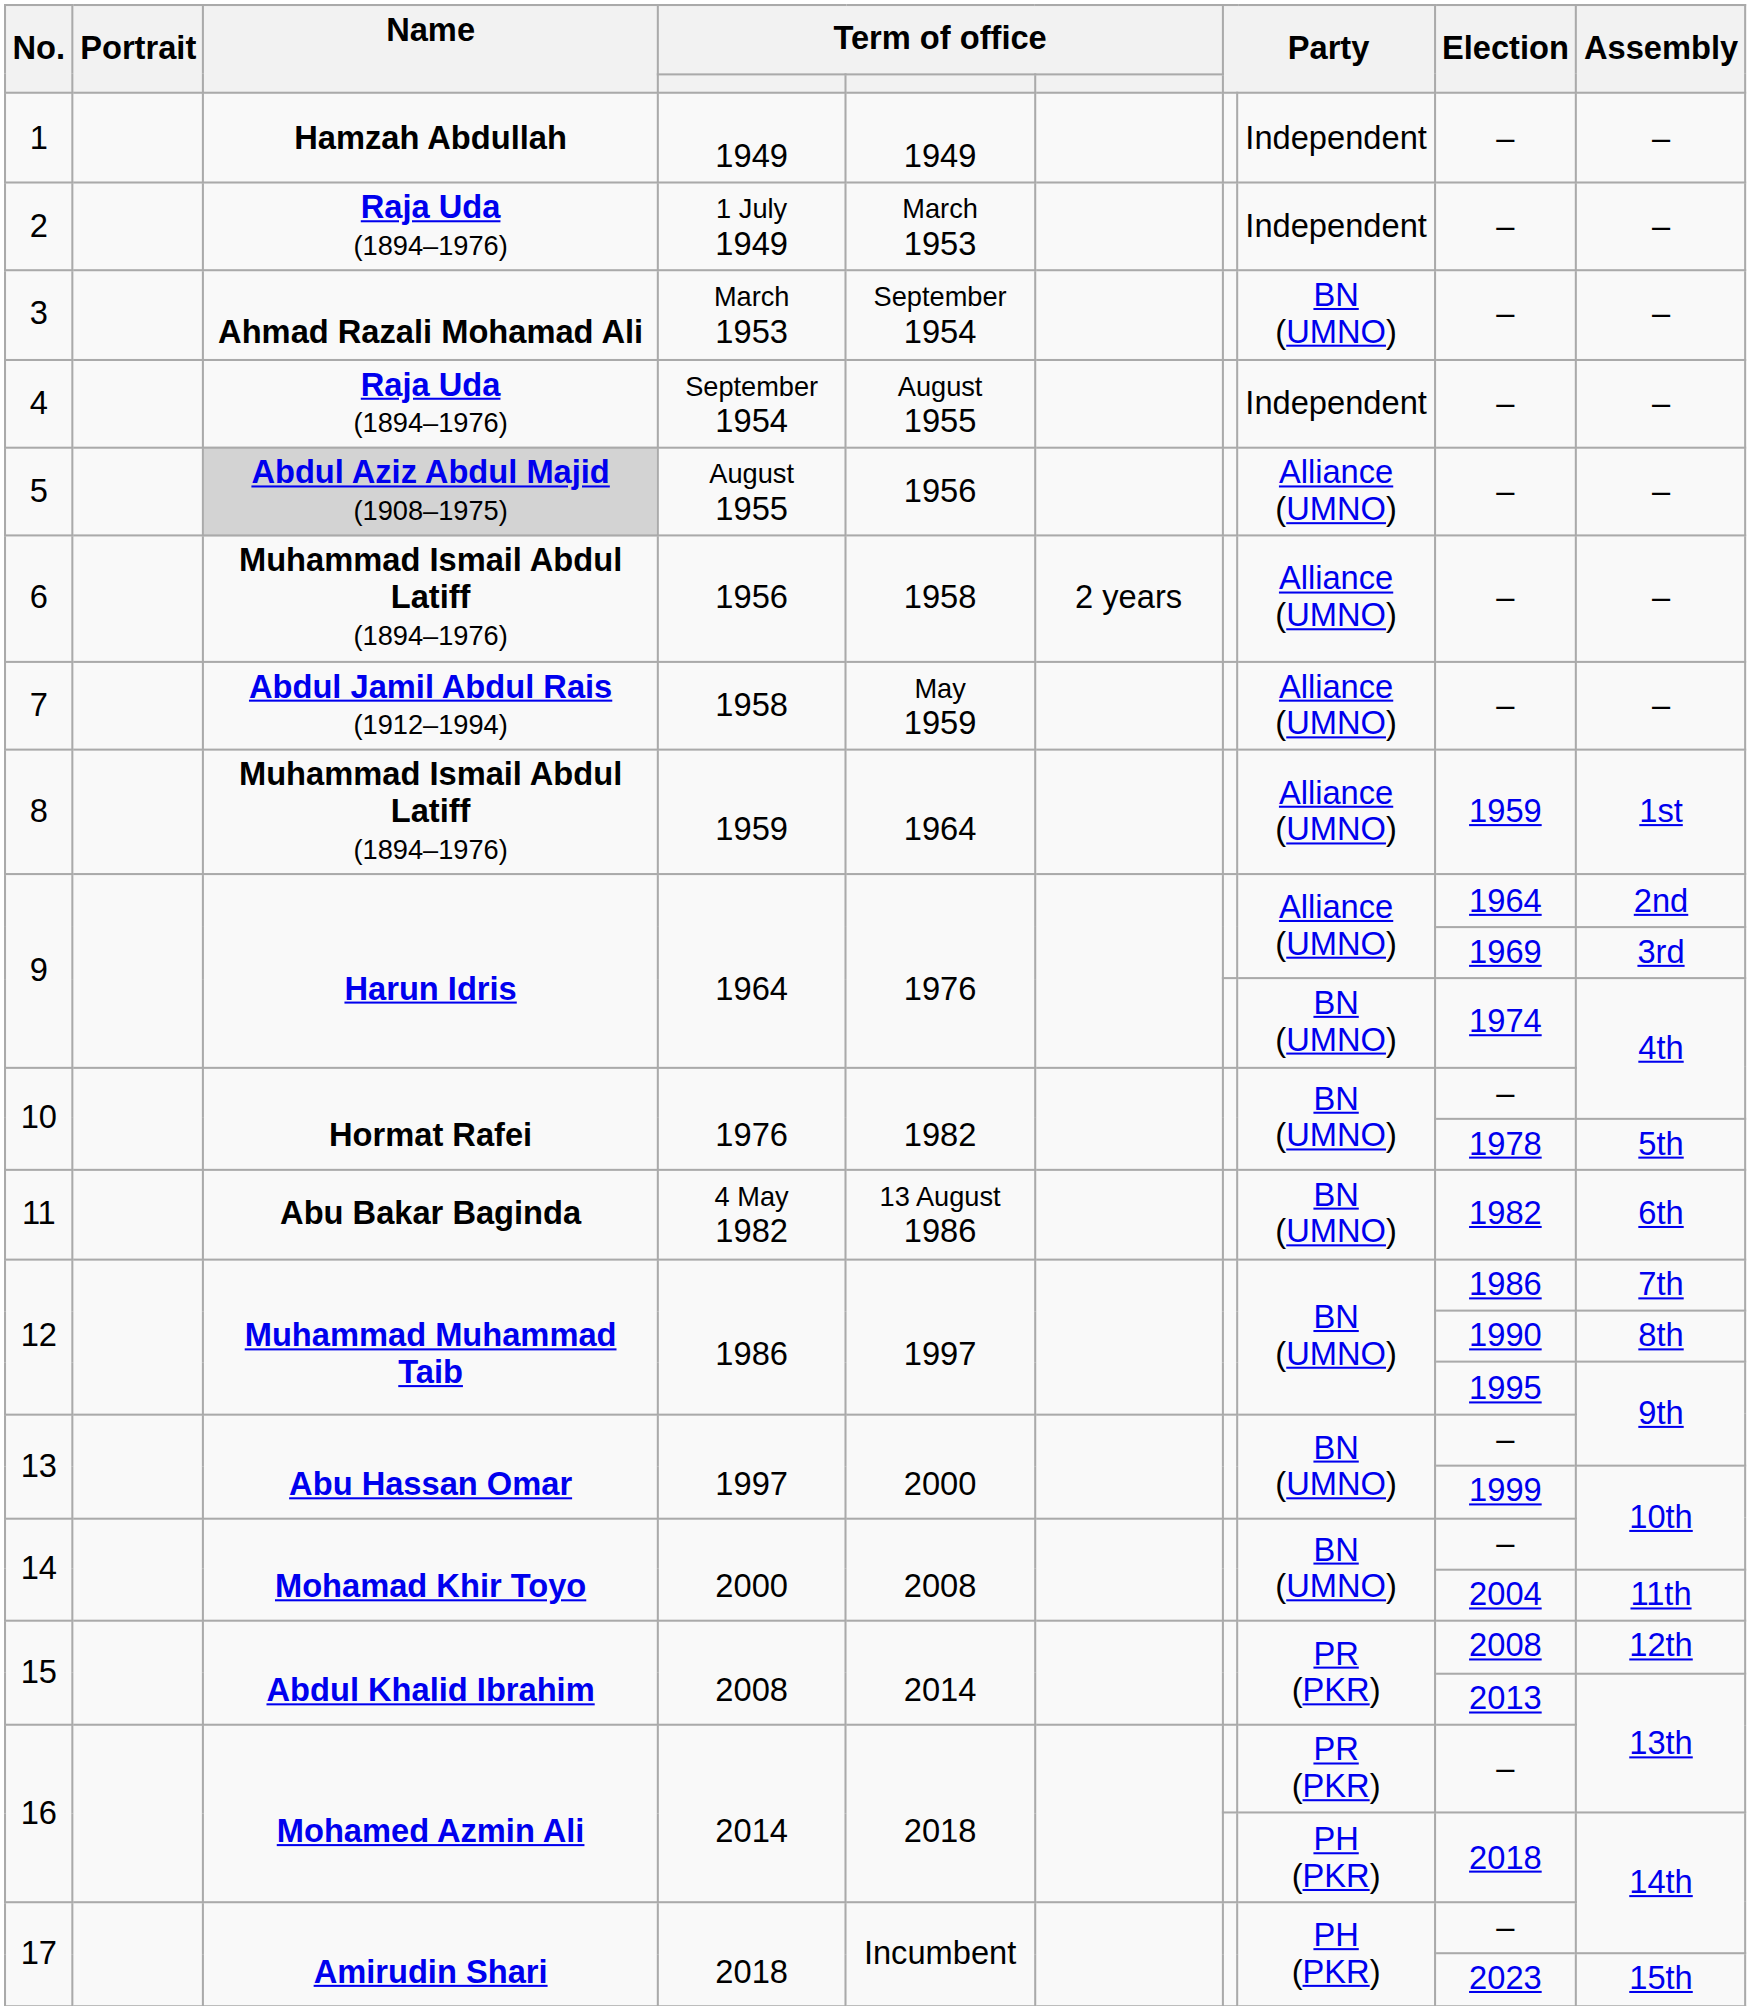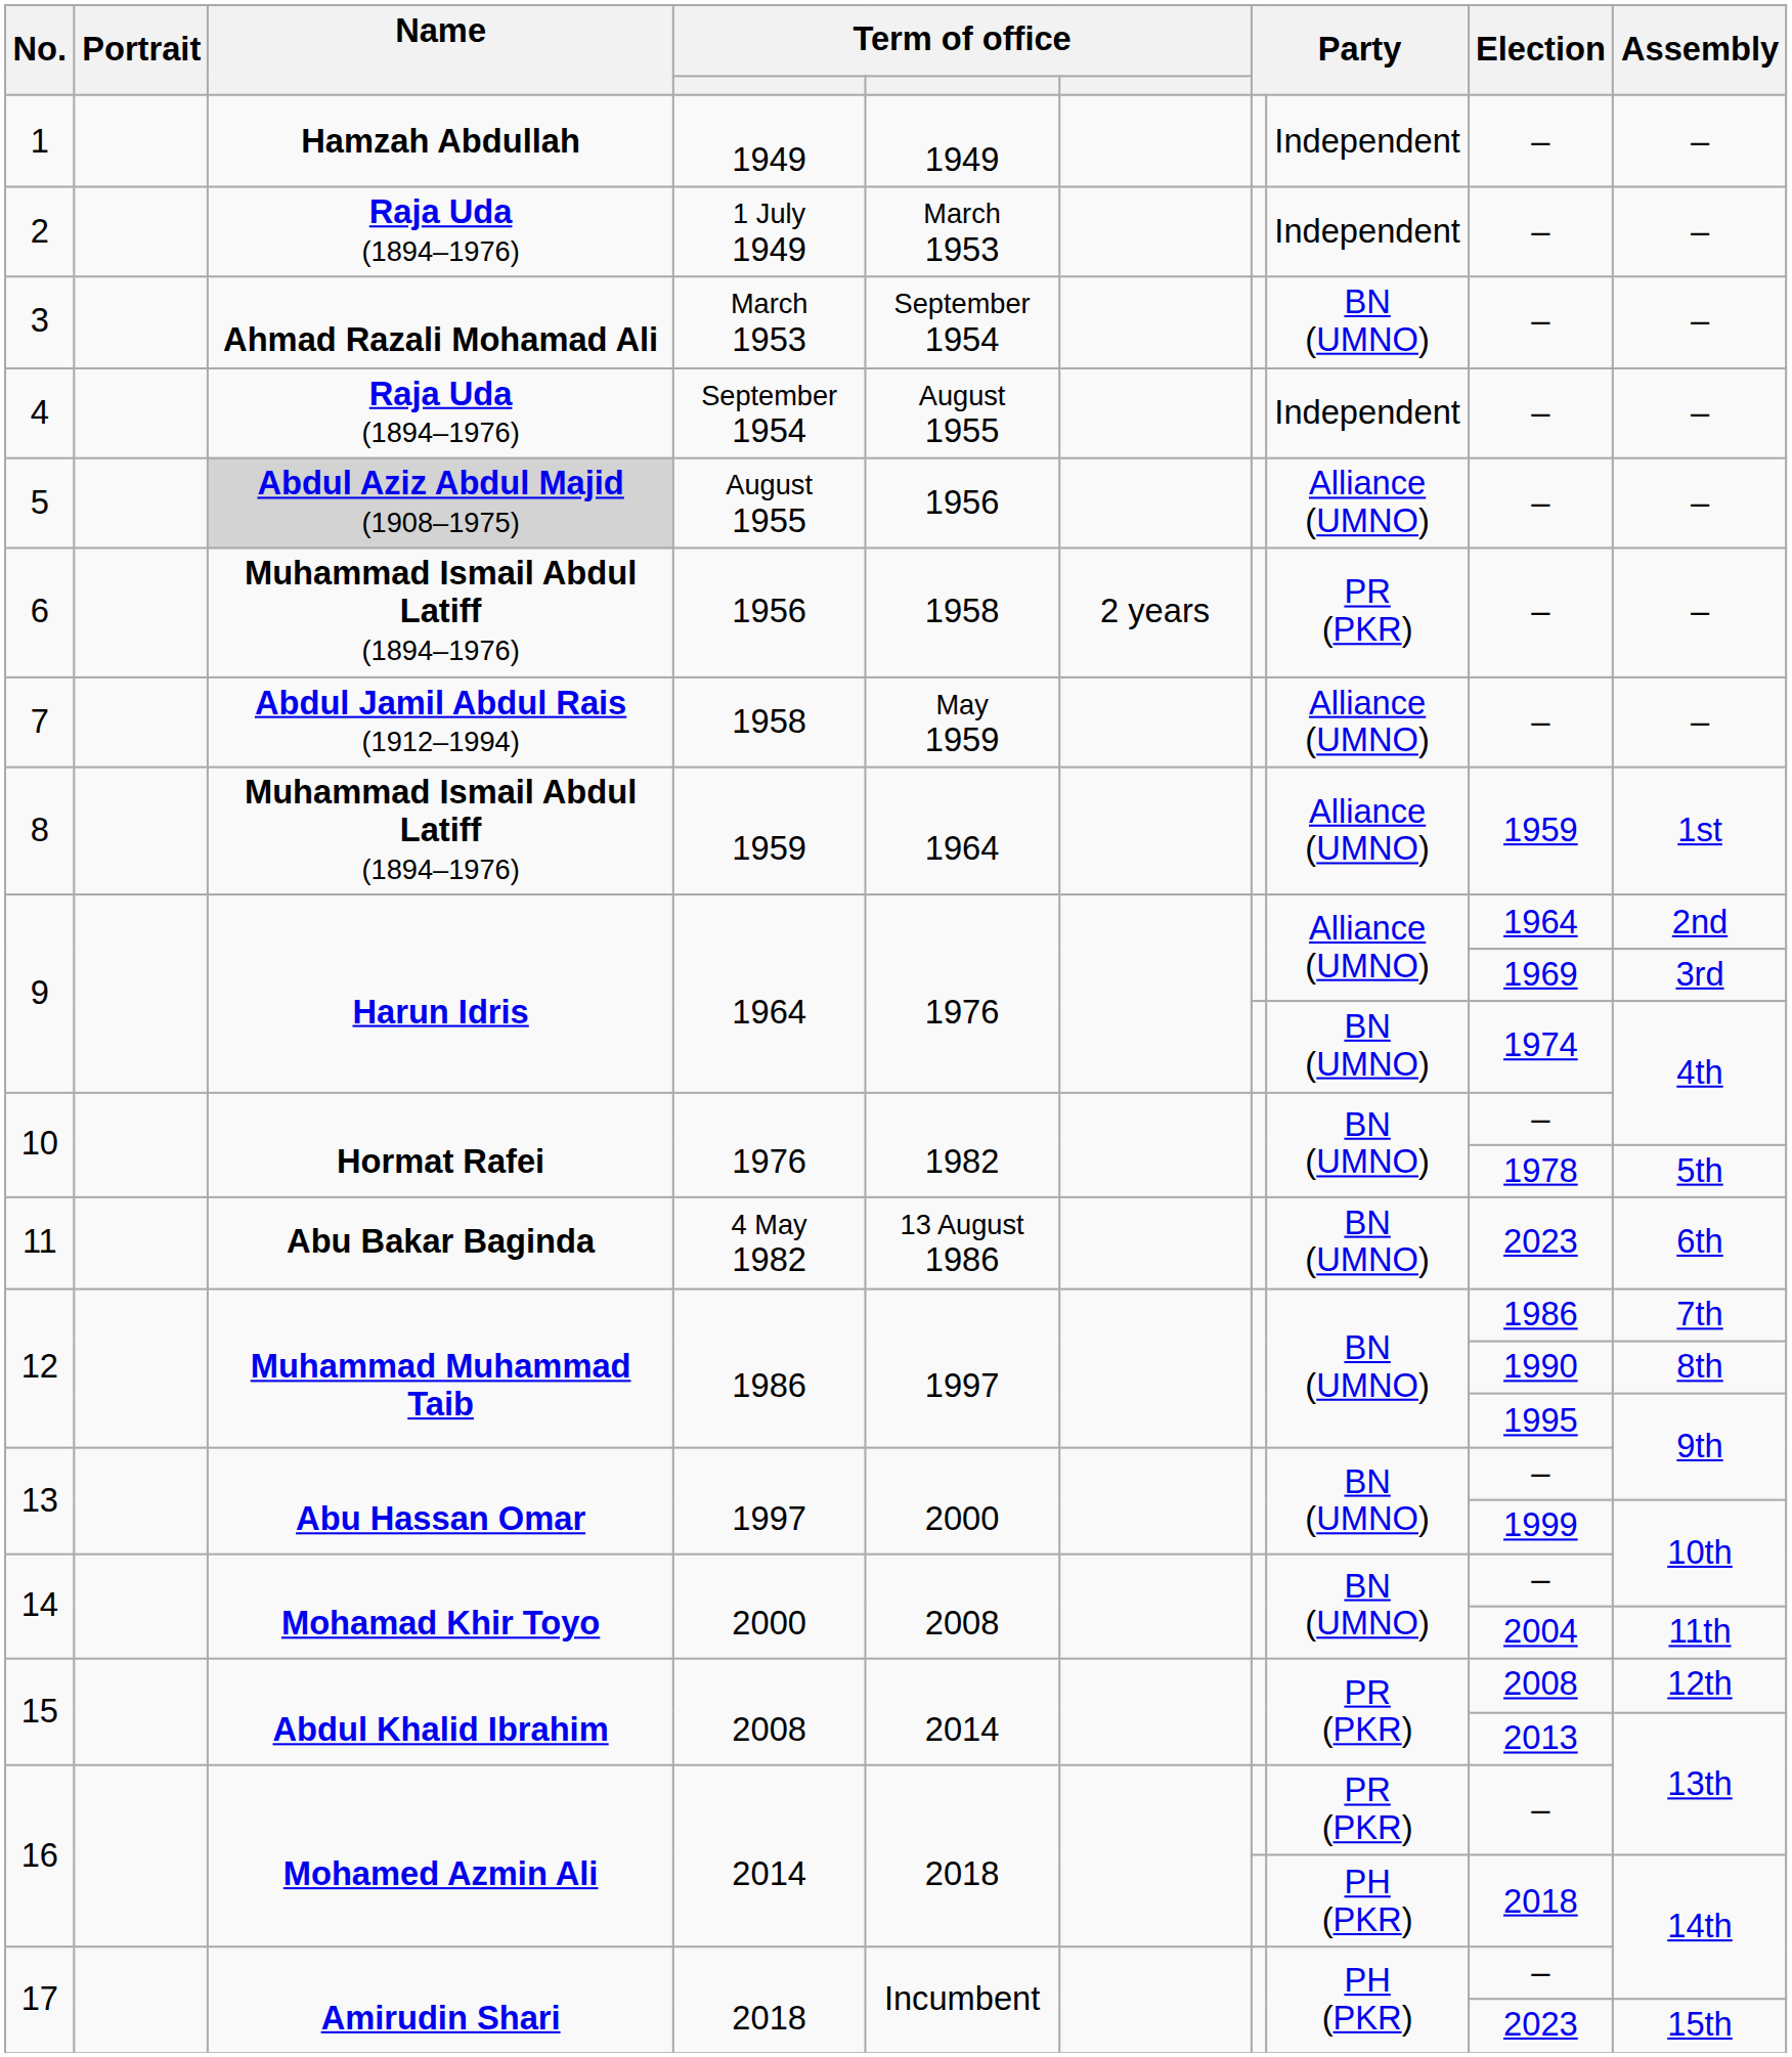 <table class="wikitable" style="text-align:center; border:1px #aaf solid;">
 <tr>
 <th rowspan="2">No.</th>
 <th rowspan="2">Portrait</th>
 <th rowspan="2" width="215">Name<br><br></th>
 <th colspan="3">Term of office</th>
 <th colspan=2 rowspan=2>Party</th>
 <th rowspan="2">Election</th>
 <th rowspan="2">Assembly</th>
 </tr>
 <tr>
 <th width="85"></th>
 <th width="85"></th>
 <th width="85"></th>
 </tr>
 <tr>
 <td>1</td>
 <td></td>
 <td><strong>Hamzah Abdullah</strong><br></td>
 <td><br>1949</td>
 <td><br>1949</td>
 <td></td>
 <td style="background:"></td>
 <td>Independent</td>
 <td>–</td>
 <td>–</td>
 </tr>
 <tr>
 <td>2</td>
 <td></td>
 <td><strong><a href='#'>Raja Uda</a></strong><br><small>(1894–1976)</small></td>
 <td><small>1 July</small><br>1949</td>
 <td><small>March</small><br>1953</td>
 <td></td>
 <td style="background:"></td>
 <td>Independent</td>
 <td>–</td>
 <td>–</td>
 </tr>
 <tr>
 <td>3</td>
 <td></td>
 <td><br><strong>Ahmad Razali Mohamad Ali</strong><br></td>
 <td><small>March</small><br>1953</td>
 <td><small>September</small><br>1954</td>
 <td></td>
 <td style="background:"></td>
 <td><a href='#'>BN</a><br>(<a href='#'>UMNO</a>)</td>
 <td>–</td>
 <td>–</td>
 </tr>
 <tr>
 <td>4</td>
 <td></td>
 <td><strong><a href='#'>Raja Uda</a></strong><br><small>(1894–1976)</small></td>
 <td><small>September</small><br>1954</td>
 <td><small>August</small><br>1955</td>
 <td></td>
 <td style="background:"></td>
 <td>Independent</td>
 <td>–</td>
 <td>–</td>
 </tr>
 <tr>
 <td>5</td>
 <td></td>
 <td style="background: lightgrey;"><strong><a href='#'>Abdul Aziz Abdul Majid</a></strong><br><small>(1908–1975)</small></td>
 <td><small>August</small><br>1955</td>
 <td>1956</td>
 <td></td>
 <td style="background:"></td>
 <td><a href='#'>Alliance</a><br>(<a href='#'>UMNO</a>)</td>
 <td>–</td>
 <td>–</td>
 </tr>
 <tr>
 <td>6</td>
 <td></td>
 <td><strong>Muhammad Ismail Abdul Latiff</strong><br><small>(1894–1976)</small></td>
 <td>1956</td>
 <td>1958</td>
 <td>2 years</td>
 <td style="background:"></td>
-<td><a href='#'>Alliance</a><br>(<a href='#'>UMNO</a>)</td>
+<td><a href='#'>PR</a><br>(<a href='#'>PKR</a>)</td>
 <td>–</td>
 <td>–</td>
 </tr>
 <tr>
 <td>7</td>
 <td></td>
 <td><strong><a href='#'>Abdul Jamil Abdul Rais</a></strong><br><small>(1912–1994)</small></td>
 <td>1958</td>
 <td><small>May</small><br>1959</td>
 <td></td>
 <td style="background:"></td>
 <td><a href='#'>Alliance</a><br>(<a href='#'>UMNO</a>)</td>
 <td>–</td>
 <td>–</td>
 </tr>
 <tr>
 <td>8</td>
 <td></td>
 <td><strong>Muhammad Ismail Abdul Latiff</strong><br><small>(1894–1976)</small></td>
 <td><br>1959</td>
 <td><br>1964</td>
 <td></td>
 <td style="background:"></td>
 <td><a href='#'>Alliance</a><br>(<a href='#'>UMNO</a>)</td>
 <td><a href='#'>1959</a></td>
 <td><a href='#'>1st</a></td>
 </tr>
 <tr>
 <td rowspan="3">9</td>
 <td rowspan="3"></td>
 <td rowspan="3"><br><strong><a href='#'>Harun Idris</a></strong><br></td>
 <td rowspan="3"><br>1964</td>
 <td rowspan="3"><br>1976</td>
 <td rowspan="3"></td>
 <td rowspan="2" style="background:"></td>
 <td rowspan="2"><a href='#'>Alliance</a><br>(<a href='#'>UMNO</a>)</td>
 <td><a href='#'>1964</a></td>
 <td><a href='#'>2nd</a></td>
 </tr>
 <tr>
 <td><a href='#'>1969</a></td>
 <td><a href='#'>3rd</a></td>
 </tr>
 <tr>
 <td style="background:"></td>
 <td><a href='#'>BN</a><br>(<a href='#'>UMNO</a>)</td>
 <td><a href='#'>1974</a></td>
 <td rowspan="2"><a href='#'>4th</a></td>
 </tr>
 <tr>
 <td rowspan="2">10</td>
 <td rowspan="2"></td>
 <td rowspan="2"><br><strong>Hormat Rafei</strong><br></td>
 <td rowspan="2"><br>1976</td>
 <td rowspan="2"><br>1982</td>
 <td rowspan="2"></td>
 <td rowspan="2" style="background:"></td>
 <td rowspan="2"><a href='#'>BN</a><br>(<a href='#'>UMNO</a>)</td>
 <td>–</td>
 </tr>
 <tr>
 <td><a href='#'>1978</a></td>
 <td><a href='#'>5th</a></td>
 </tr>
 <tr>
 <td>11</td>
 <td></td>
 <td><strong>Abu Bakar Baginda</strong><br></td>
 <td><small>4 May</small><br>1982</td>
 <td><small>13 August</small><br>1986</td>
 <td></td>
 <td style="background:"></td>
 <td><a href='#'>BN</a><br>(<a href='#'>UMNO</a>)</td>
-<td><a href='#'>1982</a></td>
+<td><a href='#'>2023</a></td>
 <td><a href='#'>6th</a></td>
 </tr>
 <tr>
 <td rowspan="3">12</td>
 <td rowspan="3"></td>
 <td rowspan="3"><br><strong><a href='#'>Muhammad Muhammad Taib</a></strong><br></td>
 <td rowspan="3"><br>1986</td>
 <td rowspan="3"><br>1997</td>
 <td rowspan=3></td>
 <td rowspan="3" style="background:"></td>
 <td rowspan="3"><a href='#'>BN</a><br>(<a href='#'>UMNO</a>)</td>
 <td><a href='#'>1986</a></td>
 <td><a href='#'>7th</a></td>
 </tr>
 <tr>
 <td><a href='#'>1990</a></td>
 <td><a href='#'>8th</a></td>
 </tr>
 <tr>
 <td><a href='#'>1995</a></td>
 <td rowspan="2"><a href='#'>9th</a></td>
 </tr>
 <tr>
 <td rowspan="2">13</td>
 <td rowspan="2"></td>
 <td rowspan="2"><br><strong><a href='#'>Abu Hassan Omar</a></strong><br></td>
 <td rowspan="2"><br>1997</td>
 <td rowspan="2"><br>2000</td>
 <td rowspan=2></td>
 <td rowspan="2" style="background:"></td>
 <td rowspan="2"><a href='#'>BN</a><br>(<a href='#'>UMNO</a>)</td>
 <td>–</td>
 </tr>
 <tr>
 <td><a href='#'>1999</a></td>
 <td rowspan="2"><a href='#'>10th</a></td>
 </tr>
 <tr>
 <td rowspan="2">14</td>
 <td rowspan="2"></td>
 <td rowspan="2"><br><strong><a href='#'>Mohamad Khir Toyo</a></strong><br></td>
 <td rowspan="2"><br>2000</td>
 <td rowspan="2"><br>2008</td>
 <td rowspan=2></td>
 <td rowspan="2" style="background:"></td>
 <td rowspan="2"><a href='#'>BN</a><br>(<a href='#'>UMNO</a>)</td>
 <td>–</td>
 </tr>
 <tr>
 <td><a href='#'>2004</a></td>
 <td><a href='#'>11th</a></td>
 </tr>
 <tr>
 <td rowspan="2">15</td>
 <td rowspan="2"></td>
 <td rowspan="2"><br><strong><a href='#'>Abdul Khalid Ibrahim</a></strong><br></td>
 <td rowspan="2"><br>2008</td>
 <td rowspan="2"><br>2014</td>
 <td rowspan="2"></td>
 <td rowspan="2" style="background:"></td>
 <td rowspan="2"><a href='#'>PR</a><br>(<a href='#'>PKR</a>)</td>
 <td><a href='#'>2008</a></td>
 <td><a href='#'>12th</a></td>
 </tr>
 <tr>
 <td><a href='#'>2013</a></td>
 <td rowspan="2"><a href='#'>13th</a></td>
 </tr>
 <tr>
 <td rowspan="2">16</td>
 <td rowspan="2"></td>
 <td rowspan="2"><br><strong><a href='#'>Mohamed Azmin Ali</a></strong><br></td>
 <td rowspan="2"><br>2014</td>
 <td rowspan="2"><br>2018</td>
 <td rowspan="2"></td>
 <td style="background:"></td>
 <td><a href='#'>PR</a><br>(<a href='#'>PKR</a>)</td>
 <td>–</td>
 </tr>
 <tr>
 <td style="background:"></td>
 <td><a href='#'>PH</a><br>(<a href='#'>PKR</a>)</td>
 <td><a href='#'>2018</a></td>
 <td rowspan="2"><a href='#'>14th</a></td>
 </tr>
 <tr>
 <td rowspan="2">17</td>
 <td rowspan="2"></td>
 <td rowspan="2"><br><strong><a href='#'>Amirudin Shari</a></strong><br></td>
 <td rowspan="2"><br>2018</td>
 <td rowspan="2">Incumbent</td>
 <td rowspan="2"></td>
 <td rowspan="2" style="background:"></td>
 <td rowspan="2"><a href='#'>PH</a><br>(<a href='#'>PKR</a>)</td>
 <td>–</td>
 </tr>
 <tr>
 <td><a href='#'>2023</a></td>
 <td><a href='#'>15th</a></td>
 </tr>
 </table>
